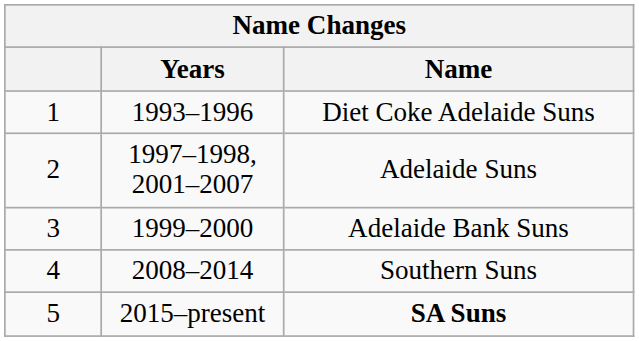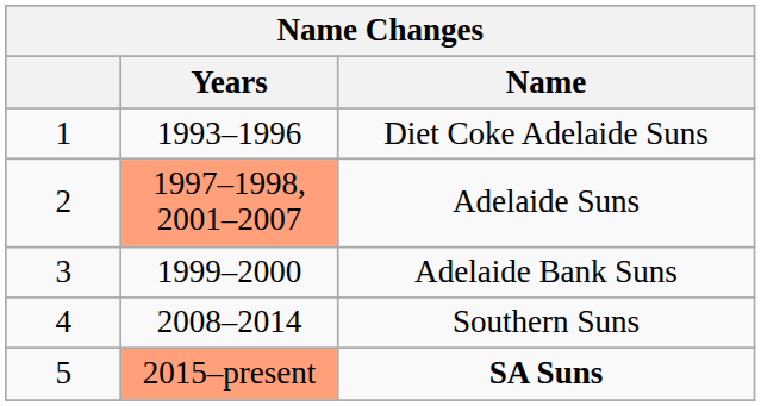 <table class="wikitable" style="text-align: center;">
 <tr>
 <th colspan=3><strong>Name Changes</strong></th>
 </tr>
 <tr>
 <th style="width: 50px;"></th>
 <th style="width: 100px;">Years</th>
 <th style="width: 200px;">Name</th>
 </tr>
 <tr>
 <td>1</td>
 <td>1993–1996</td>
 <td>Diet Coke Adelaide Suns</td>
 </tr>
 <tr>
 <td>2</td>
-<td>1997–1998,<br>2001–2007</td>
+<td style="background: lightsalmon;">1997–1998,<br>2001–2007</td>
 <td>Adelaide Suns</td>
 </tr>
 <tr>
 <td>3</td>
 <td>1999–2000</td>
 <td>Adelaide Bank Suns</td>
 </tr>
 <tr>
 <td>4</td>
 <td>2008–2014</td>
 <td>Southern Suns</td>
 </tr>
 <tr>
 <td>5</td>
-<td>2015–present</td>
+<td style="background: lightsalmon;">2015–present</td>
 <td><strong>SA Suns</strong></td>
 </tr>
 </table>
